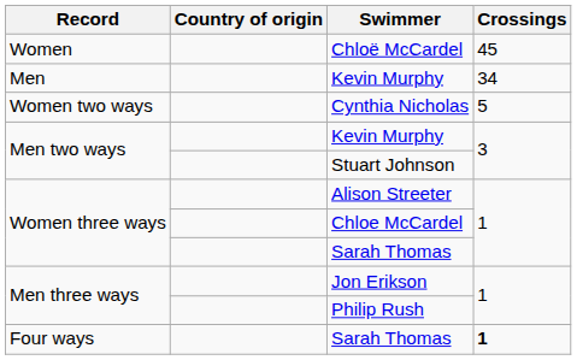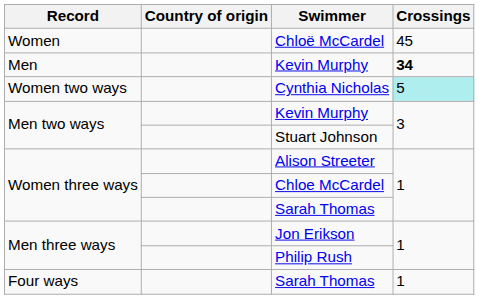 <table class="wikitable">
 <tr>
 <th>Record</th>
 <th>Country of origin</th>
 <th>Swimmer</th>
 <th>Crossings</th>
 </tr>
 <tr>
 <td>Women</td>
 <td></td>
 <td><a href='#'>Chloë McCardel</a></td>
 <td>45</td>
 </tr>
 <tr>
 <td>Men</td>
 <td></td>
 <td><a href='#'>Kevin Murphy</a></td>
-<td>34</td>
+<td><strong>34</strong></td>
 </tr>
 <tr>
 <td>Women two ways</td>
 <td></td>
 <td><a href='#'>Cynthia Nicholas</a></td>
-<td>5</td>
+<td style="background: paleturquoise;">5</td>
 </tr>
 <tr>
 <td rowspan=2>Men two ways</td>
 <td></td>
 <td><a href='#'>Kevin Murphy</a></td>
 <td rowspan=2>3</td>
 </tr>
 <tr>
 <td></td>
 <td>Stuart Johnson</td>
 </tr>
 <tr>
 <td rowspan=3>Women three ways</td>
 <td></td>
 <td><a href='#'>Alison Streeter</a></td>
 <td rowspan=3>1</td>
 </tr>
 <tr>
 <td></td>
 <td><a href='#'>Chloe McCardel</a></td>
 </tr>
 <tr>
 <td></td>
 <td><a href='#'>Sarah Thomas</a></td>
 </tr>
 <tr>
 <td rowspan="2">Men three ways</td>
 <td></td>
 <td><a href='#'>Jon Erikson</a></td>
 <td rowspan="2">1</td>
 </tr>
 <tr>
 <td></td>
 <td><a href='#'>Philip Rush</a></td>
 </tr>
 <tr>
 <td>Four ways</td>
 <td></td>
 <td><a href='#'>Sarah Thomas</a></td>
-<td><strong>1</strong></td>
+<td>1</td>
 </tr>
 </table>
